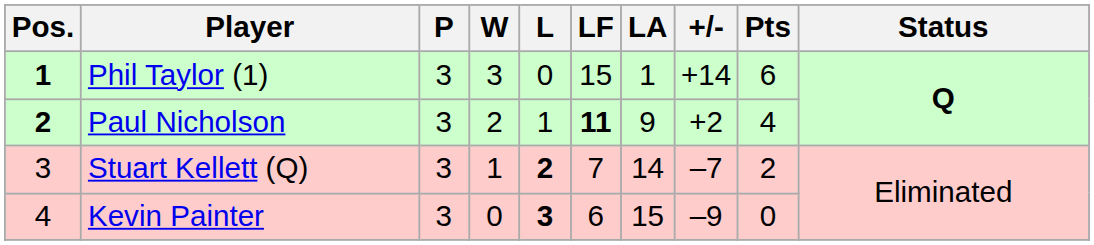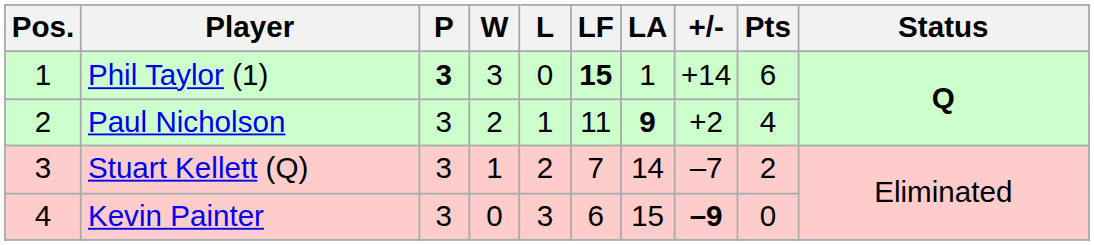 <table class="wikitable" style="text-align:center; margin: 1em auto 1em auto, align:left">
 <tr>
 <th width=20>Pos.</th>
 <th width=175>Player</th>
 <th width=20>P</th>
 <th width=20>W</th>
 <th width=20>L</th>
 <th width=20>LF</th>
 <th width=20>LA</th>
 <th width=20>+/-</th>
 <th width=20>Pts</th>
 <th width=150>Status</th>
 </tr>
 <tr style="background:#CCFFCC;">
-<td><strong>1</strong></td>
+<td>1</td>
 <td style="text-align:left;"> <a href='#'>Phil Taylor</a> (1)</td>
-<td>3</td>
+<td><strong>3</strong></td>
 <td>3</td>
 <td>0</td>
-<td>15</td>
+<td><strong>15</strong></td>
 <td>1</td>
 <td>+14</td>
 <td>6</td>
 <td rowspan=2><strong>Q</strong></td>
 </tr>
 <tr style="background:#CCFFCC;">
-<td><strong>2</strong></td>
+<td>2</td>
 <td style="text-align:left;"> <a href='#'>Paul Nicholson</a></td>
 <td>3</td>
 <td>2</td>
 <td>1</td>
-<td><strong>11</strong></td>
-<td>9</td>
+<td>11</td>
+<td><strong>9</strong></td>
 <td>+2</td>
 <td>4</td>
 </tr>
 <tr style="background:#FFCCCC;">
 <td>3</td>
 <td style="text-align:left;"> <a href='#'>Stuart Kellett</a> (Q)</td>
 <td>3</td>
 <td>1</td>
-<td><strong>2</strong></td>
+<td>2</td>
 <td>7</td>
 <td>14</td>
 <td>–7</td>
 <td>2</td>
 <td rowspan=2>Eliminated</td>
 </tr>
 <tr style="background:#FFCCCC;">
 <td>4</td>
 <td style="text-align:left;"> <a href='#'>Kevin Painter</a></td>
 <td>3</td>
 <td>0</td>
-<td><strong>3</strong></td>
+<td>3</td>
 <td>6</td>
 <td>15</td>
-<td>–9</td>
+<td><strong>–9</strong></td>
 <td>0</td>
 </tr>
 </table>
